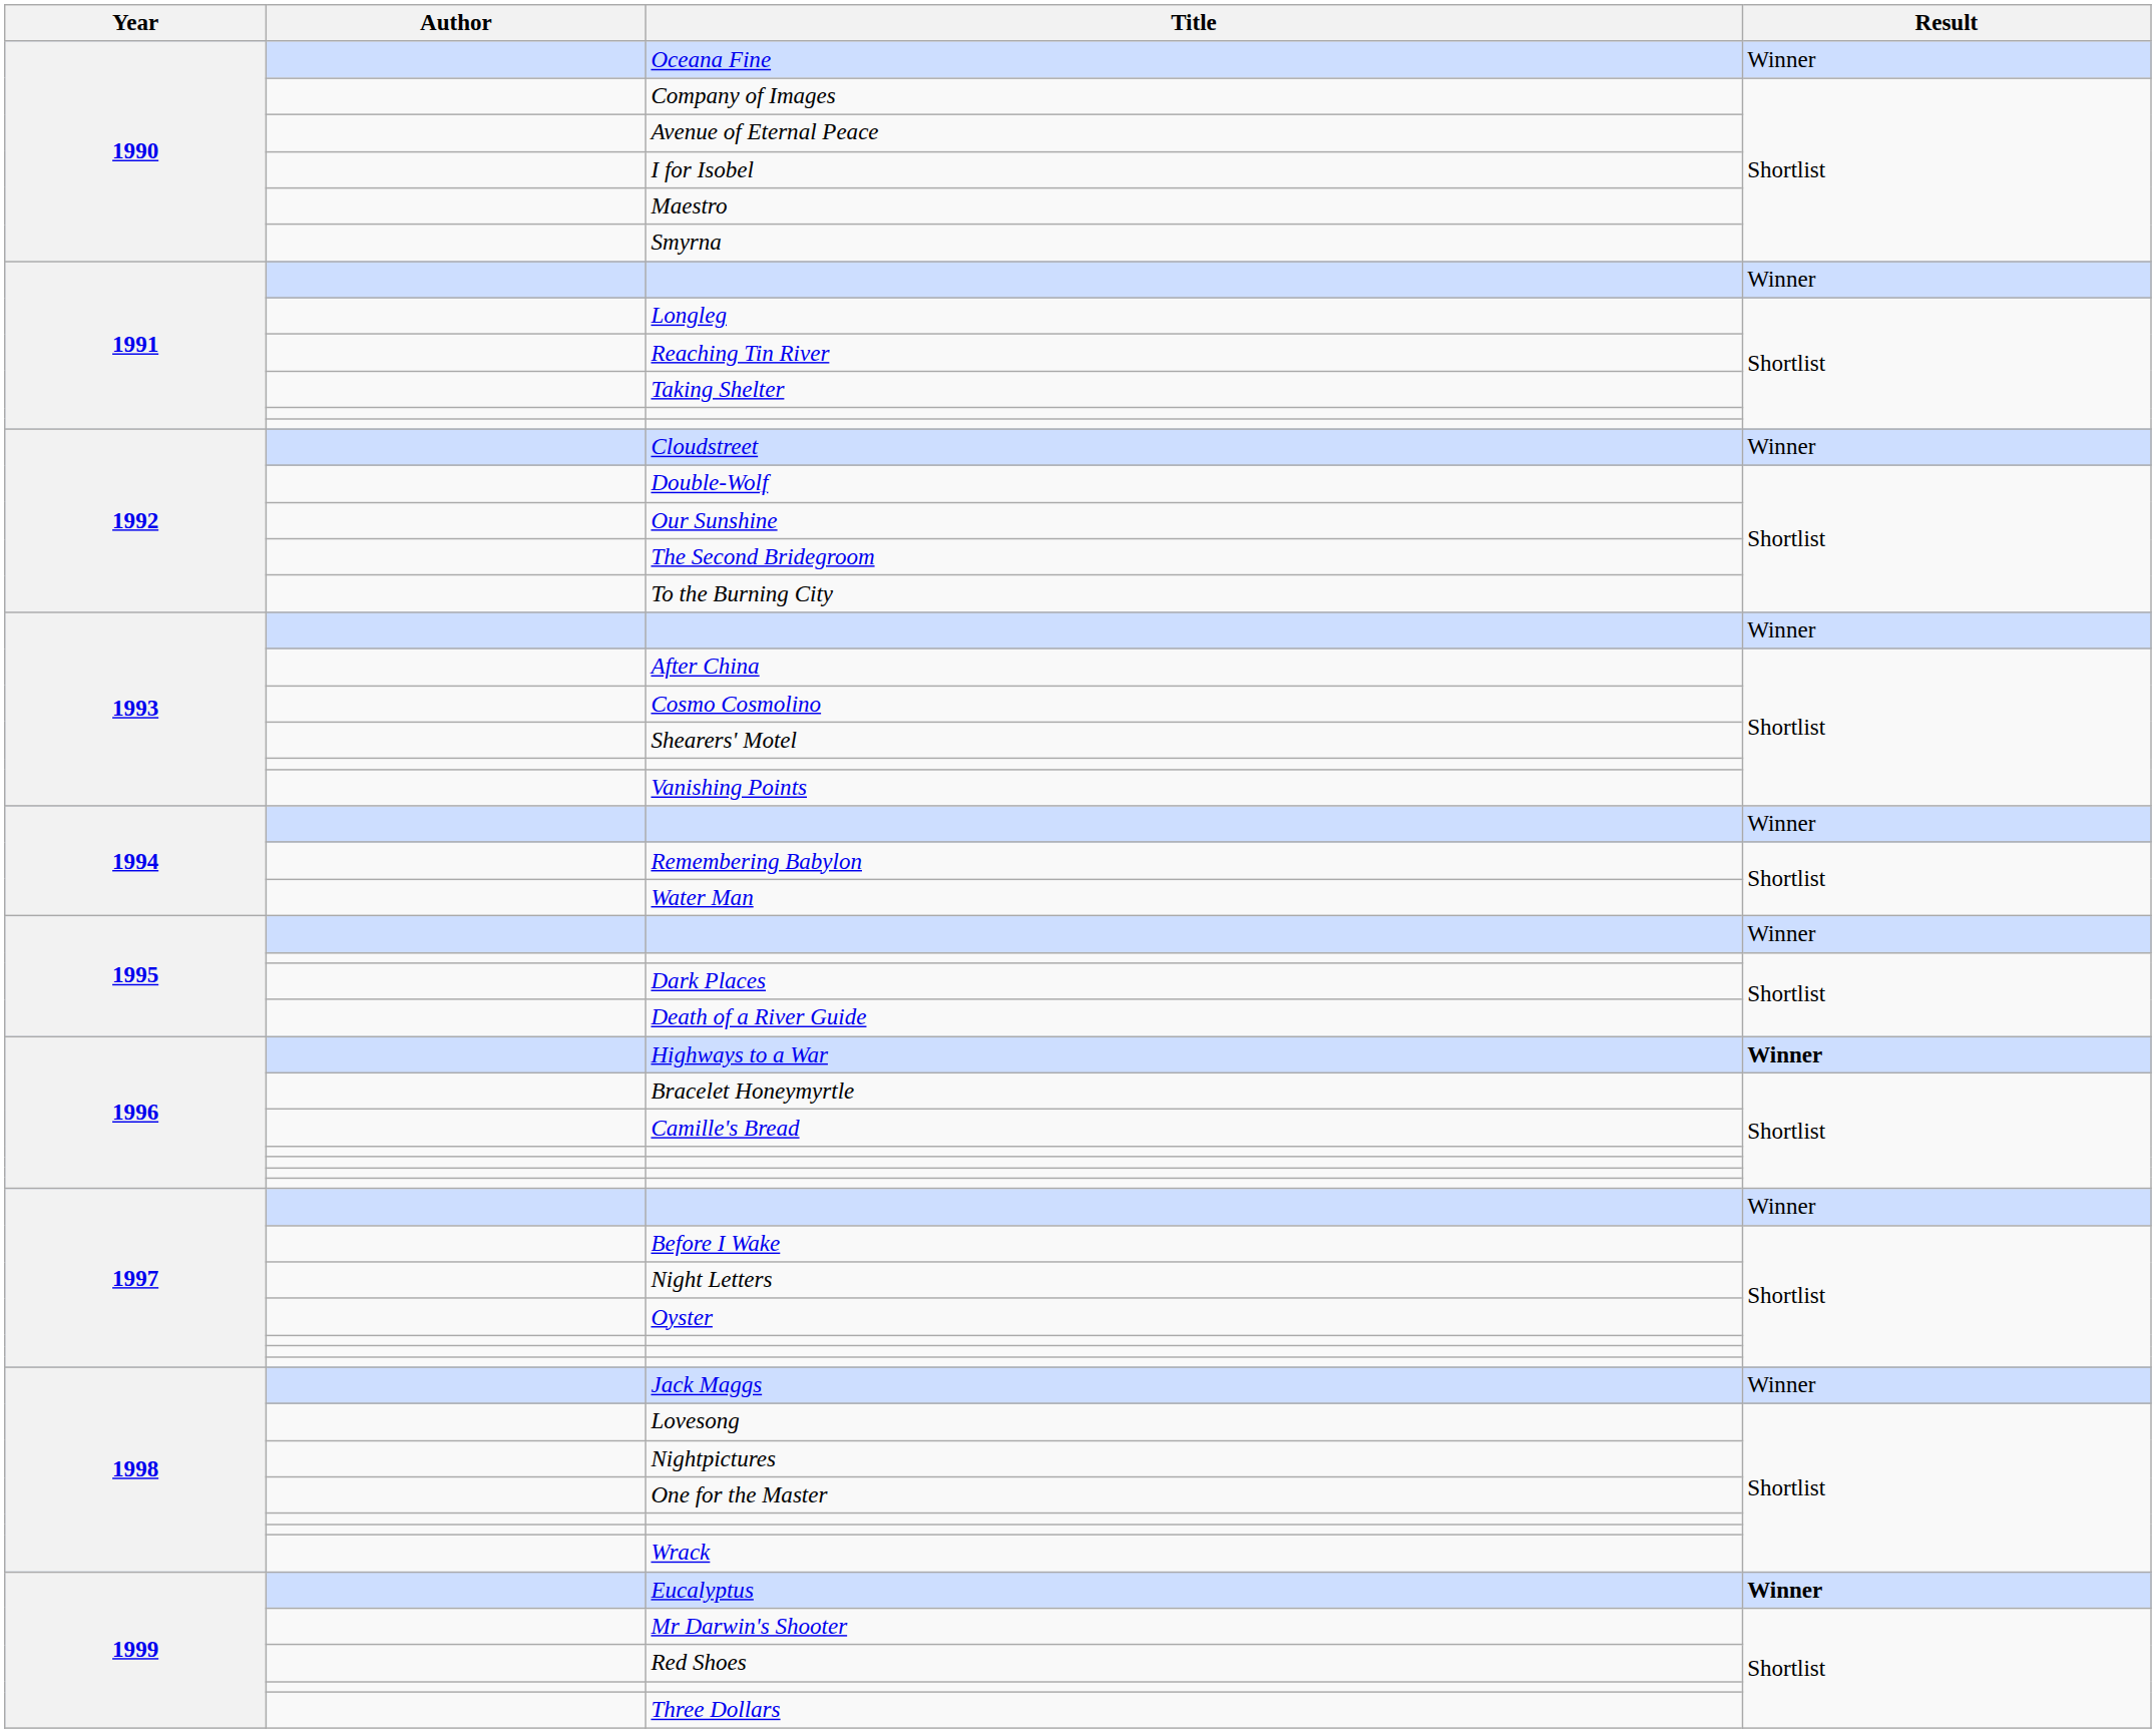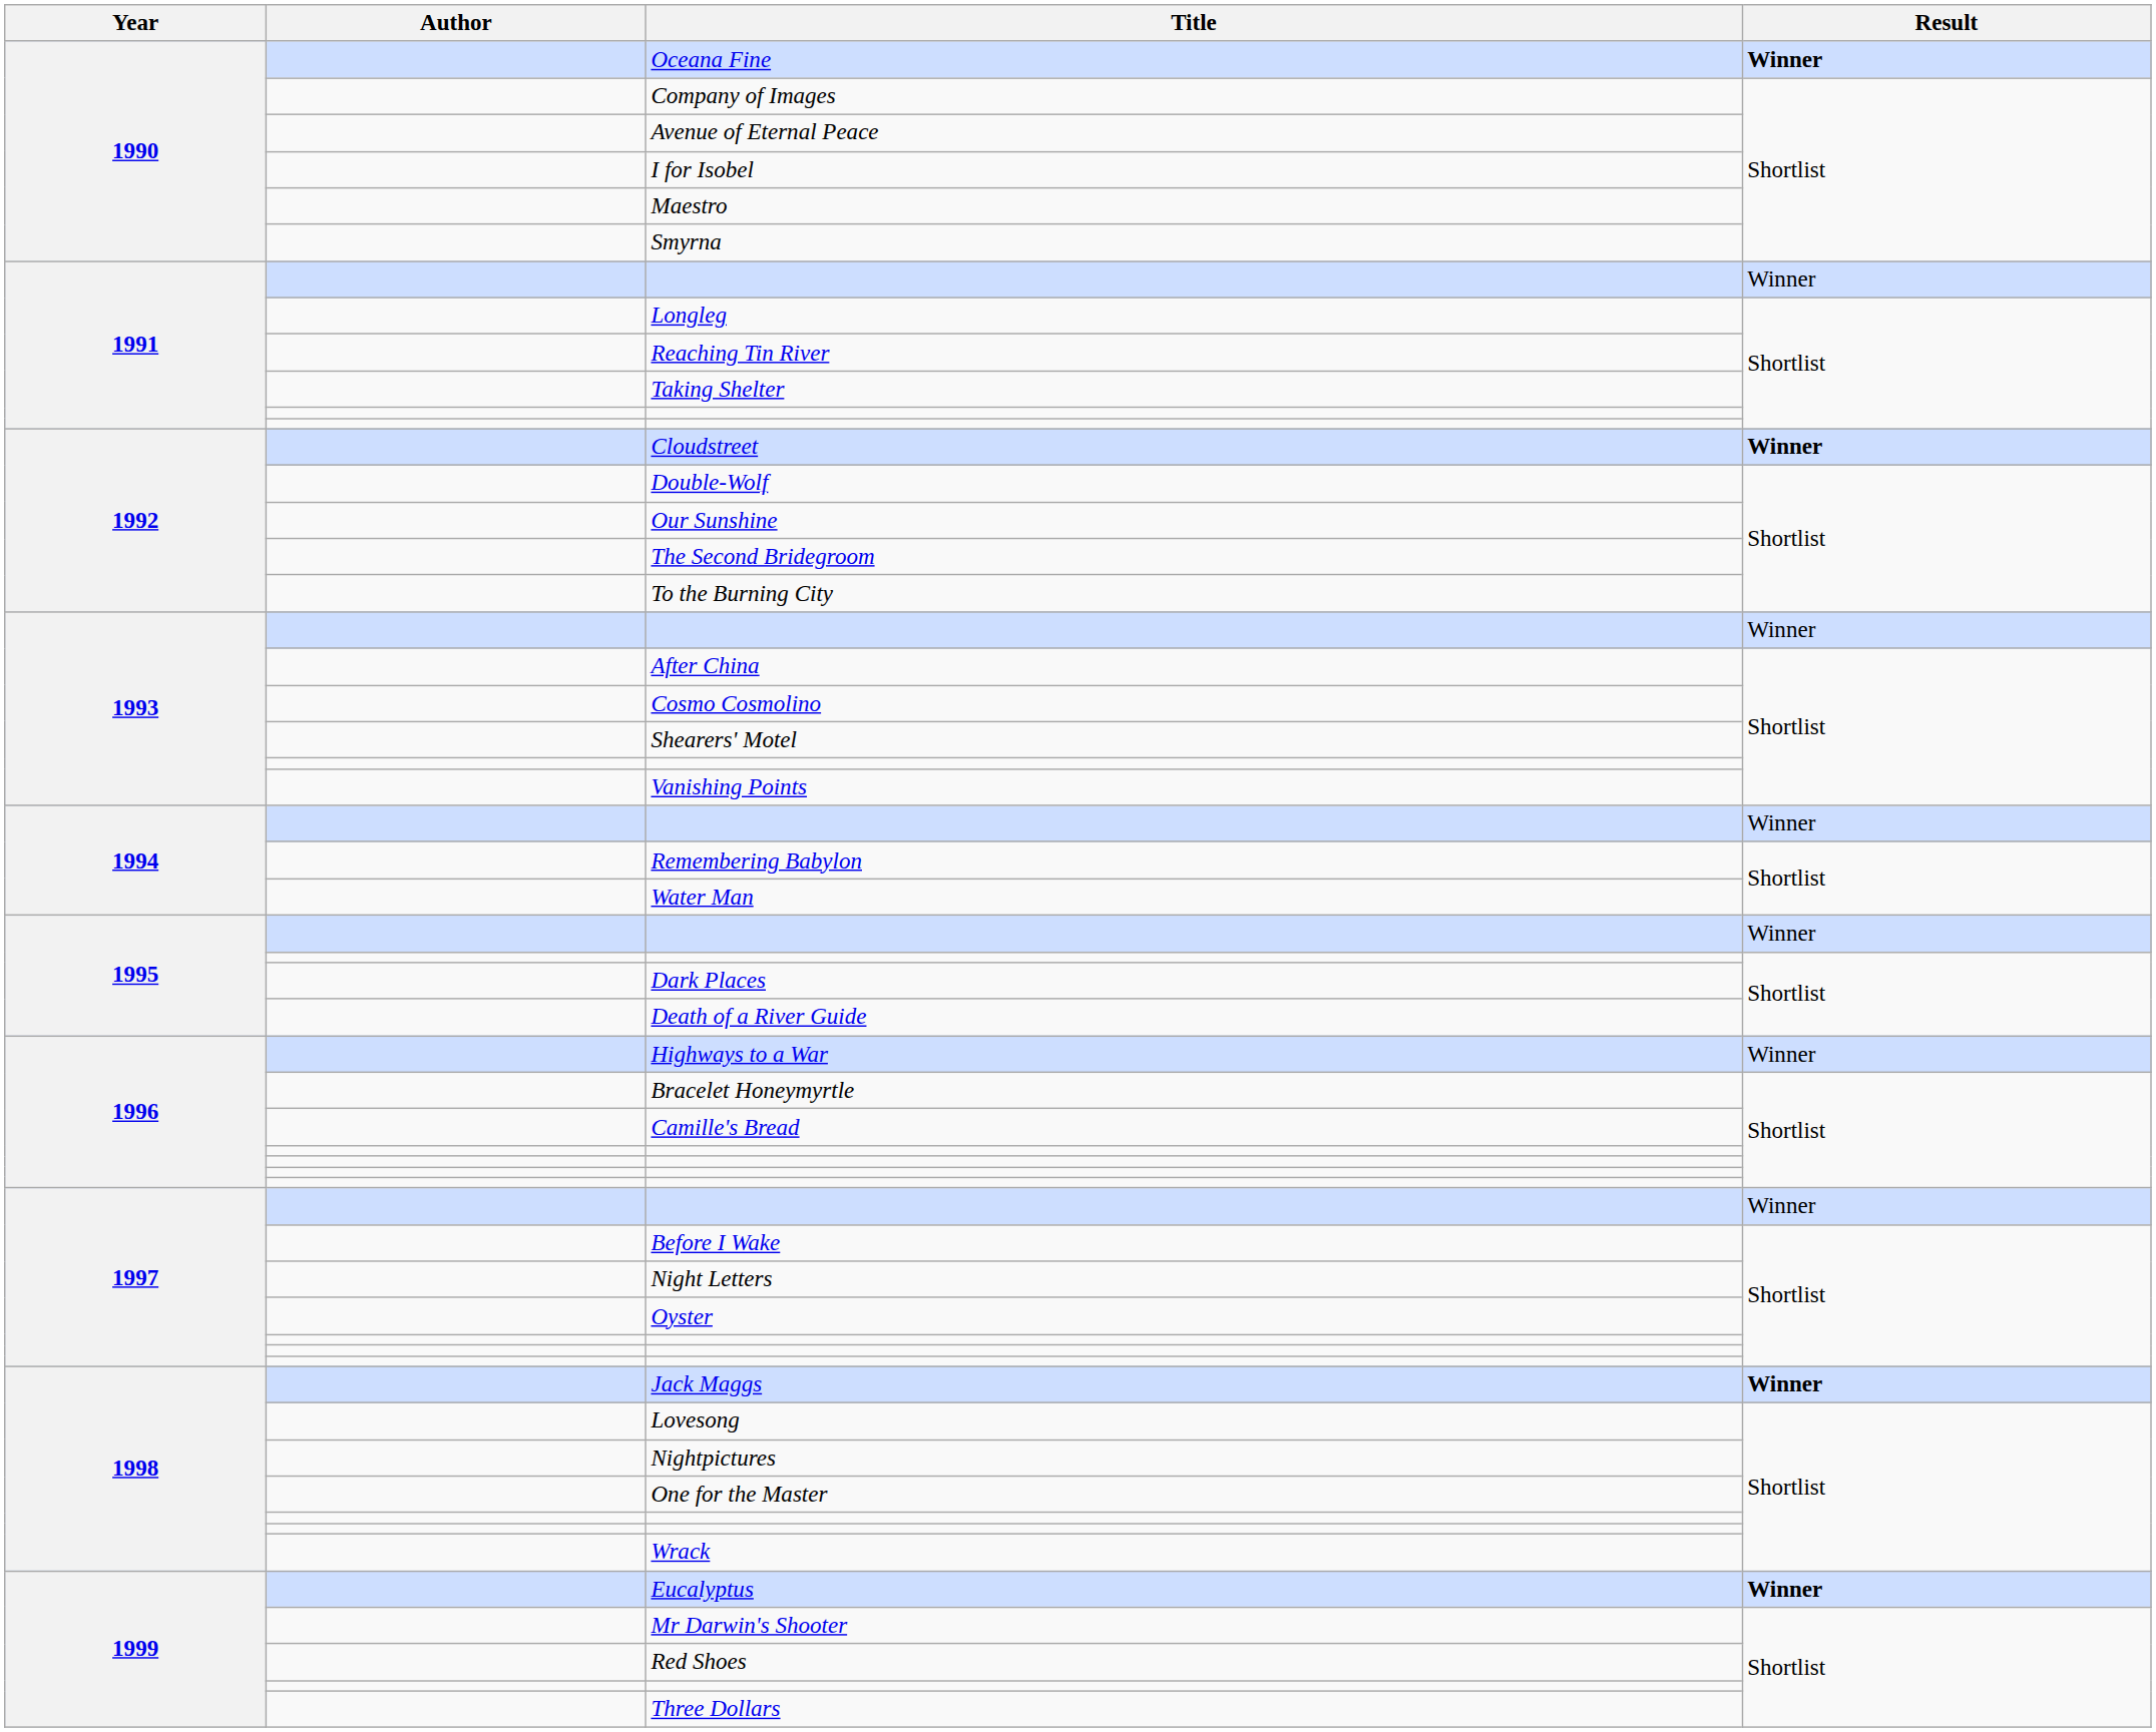 <table class="wikitable" width="75%">
 <tr>
 <th>Year</th>
 <th>Author</th>
 <th>Title</th>
 <th>Result</th>
 </tr>
 <tr style=background:#cddeff>
 <th rowspan="6"><a href='#'>1990</a></th>
 <td></td>
 <td><em><a href='#'>Oceana Fine</a></em></td>
-<td>Winner</td>
+<td><strong>Winner</strong></td>
 </tr>
 <tr>
 <td></td>
 <td><em>Company of Images</em></td>
 <td rowspan="5">Shortlist</td>
 </tr>
 <tr>
 <td></td>
 <td><em>Avenue of Eternal Peace</em></td>
 </tr>
 <tr>
 <td></td>
 <td><em>I for Isobel</em></td>
 </tr>
 <tr>
 <td></td>
 <td><em>Maestro</em></td>
 </tr>
 <tr>
 <td></td>
 <td><em>Smyrna</em></td>
 </tr>
 <tr style=background:#cddeff>
 <th rowspan="6"><a href='#'>1991</a></th>
 <td></td>
 <td><em></em></td>
 <td>Winner</td>
 </tr>
 <tr>
 <td></td>
 <td><em><a href='#'>Longleg</a></em></td>
 <td rowspan="5">Shortlist</td>
 </tr>
 <tr>
 <td></td>
 <td><em><a href='#'>Reaching Tin River</a></em></td>
 </tr>
 <tr>
 <td></td>
 <td><em><a href='#'>Taking Shelter</a></em></td>
 </tr>
 <tr>
 <td></td>
 <td><em></em></td>
 </tr>
 <tr>
 <td></td>
 <td><em></em></td>
 </tr>
 <tr style=background:#cddeff>
 <th rowspan="5"><a href='#'>1992</a></th>
 <td></td>
 <td><em><a href='#'>Cloudstreet</a></em></td>
-<td>Winner</td>
+<td><strong>Winner</strong></td>
 </tr>
 <tr>
 <td></td>
 <td><em><a href='#'>Double-Wolf</a></em></td>
 <td rowspan="4">Shortlist</td>
 </tr>
 <tr>
 <td></td>
 <td><em><a href='#'>Our Sunshine</a></em></td>
 </tr>
 <tr>
 <td></td>
 <td><em><a href='#'>The Second Bridegroom</a></em></td>
 </tr>
 <tr>
 <td></td>
 <td><em>To the Burning City</em></td>
 </tr>
 <tr style=background:#cddeff>
 <th rowspan="6"><a href='#'>1993</a></th>
 <td></td>
 <td><em></em></td>
 <td>Winner</td>
 </tr>
 <tr>
 <td></td>
 <td><em><a href='#'>After China</a></em></td>
 <td rowspan="5">Shortlist</td>
 </tr>
 <tr>
 <td></td>
 <td><em><a href='#'>Cosmo Cosmolino</a></em></td>
 </tr>
 <tr>
 <td></td>
 <td><em>Shearers' Motel</em></td>
 </tr>
 <tr>
 <td></td>
 <td><em></em></td>
 </tr>
 <tr>
 <td></td>
 <td><em><a href='#'>Vanishing Points</a></em></td>
 </tr>
 <tr style=background:#cddeff>
 <th rowspan="3"><a href='#'>1994</a></th>
 <td></td>
 <td><em></em></td>
 <td>Winner</td>
 </tr>
 <tr>
 <td></td>
 <td><em><a href='#'>Remembering Babylon</a></em></td>
 <td rowspan="2">Shortlist</td>
 </tr>
 <tr>
 <td></td>
 <td><em><a href='#'>Water Man</a></em></td>
 </tr>
 <tr style=background:#cddeff>
 <th rowspan="4"><a href='#'>1995</a></th>
 <td></td>
 <td><em></em></td>
 <td>Winner</td>
 </tr>
 <tr>
 <td></td>
 <td><em></em></td>
 <td rowspan="3">Shortlist</td>
 </tr>
 <tr>
 <td></td>
 <td><em><a href='#'>Dark Places</a></em></td>
 </tr>
 <tr>
 <td></td>
 <td><em><a href='#'>Death of a River Guide</a></em></td>
 </tr>
 <tr style=background:#cddeff>
 <th rowspan="7"><a href='#'>1996</a></th>
 <td></td>
 <td><em><a href='#'>Highways to a War</a></em></td>
-<td><strong>Winner</strong></td>
+<td>Winner</td>
 </tr>
 <tr>
 <td></td>
 <td><em>Bracelet Honeymyrtle</em></td>
 <td rowspan="6">Shortlist</td>
 </tr>
 <tr>
 <td></td>
 <td><em><a href='#'>Camille's Bread</a></em></td>
 </tr>
 <tr>
 <td></td>
 <td><em></em></td>
 </tr>
 <tr>
 <td></td>
 <td><em></em></td>
 </tr>
 <tr>
 <td></td>
 <td><em></em></td>
 </tr>
 <tr>
 <td></td>
 <td><em></em></td>
 </tr>
 <tr style=background:#cddeff>
 <th rowspan="7"><a href='#'>1997</a></th>
 <td></td>
 <td><em></em></td>
 <td>Winner</td>
 </tr>
 <tr>
 <td></td>
 <td><em><a href='#'>Before I Wake</a></em></td>
 <td rowspan="6">Shortlist</td>
 </tr>
 <tr>
 <td></td>
 <td><em>Night Letters</em></td>
 </tr>
 <tr>
 <td></td>
 <td><em><a href='#'>Oyster</a></em></td>
 </tr>
 <tr>
 <td></td>
 <td><em></em></td>
 </tr>
 <tr>
 <td></td>
 <td><em></em></td>
 </tr>
 <tr>
 <td></td>
 <td><em></em></td>
 </tr>
 <tr style=background:#cddeff>
 <th rowspan="7"><a href='#'>1998</a></th>
 <td></td>
 <td><em><a href='#'>Jack Maggs</a></em></td>
-<td>Winner</td>
+<td><strong>Winner</strong></td>
 </tr>
 <tr>
 <td></td>
 <td><em>Lovesong</em></td>
 <td rowspan="6">Shortlist</td>
 </tr>
 <tr>
 <td></td>
 <td><em>Nightpictures</em></td>
 </tr>
 <tr>
 <td></td>
 <td><em>One for the Master</em></td>
 </tr>
 <tr>
 <td></td>
 <td><em></em></td>
 </tr>
 <tr>
 <td></td>
 <td><em></em></td>
 </tr>
 <tr>
 <td></td>
 <td><em><a href='#'>Wrack</a></em></td>
 </tr>
 <tr style=background:#cddeff>
 <th rowspan="5"><a href='#'>1999</a></th>
 <td></td>
 <td><em><a href='#'>Eucalyptus</a></em></td>
 <td><strong>Winner</strong></td>
 </tr>
 <tr>
 <td></td>
 <td><em><a href='#'>Mr Darwin's Shooter</a></em></td>
 <td rowspan="4">Shortlist</td>
 </tr>
 <tr>
 <td></td>
 <td><em>Red Shoes</em></td>
 </tr>
 <tr>
 <td></td>
 <td><em></em></td>
 </tr>
 <tr>
 <td></td>
 <td><em><a href='#'>Three Dollars</a></em></td>
 </tr>
 </table>
